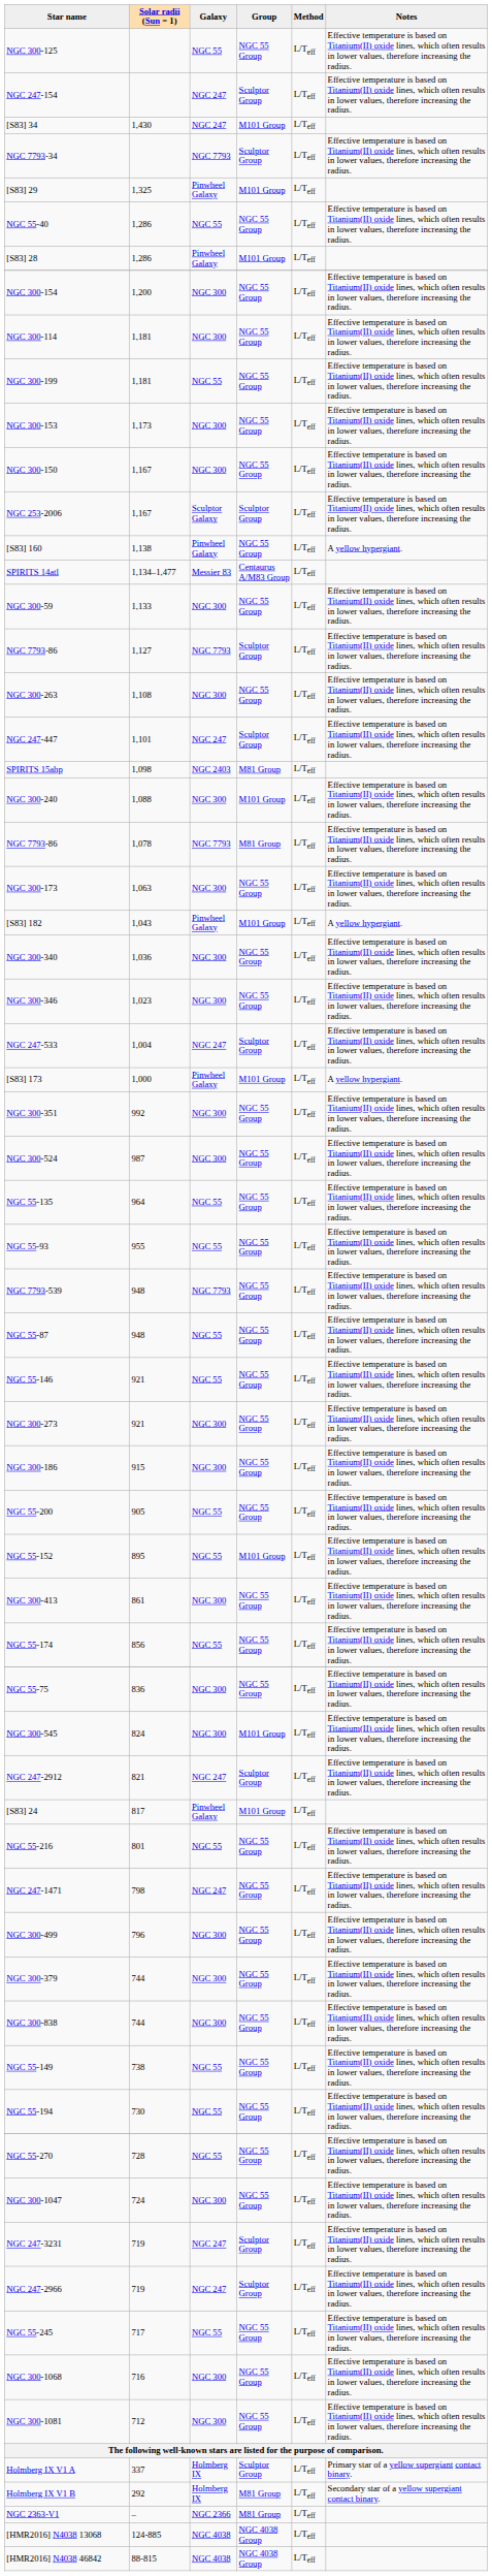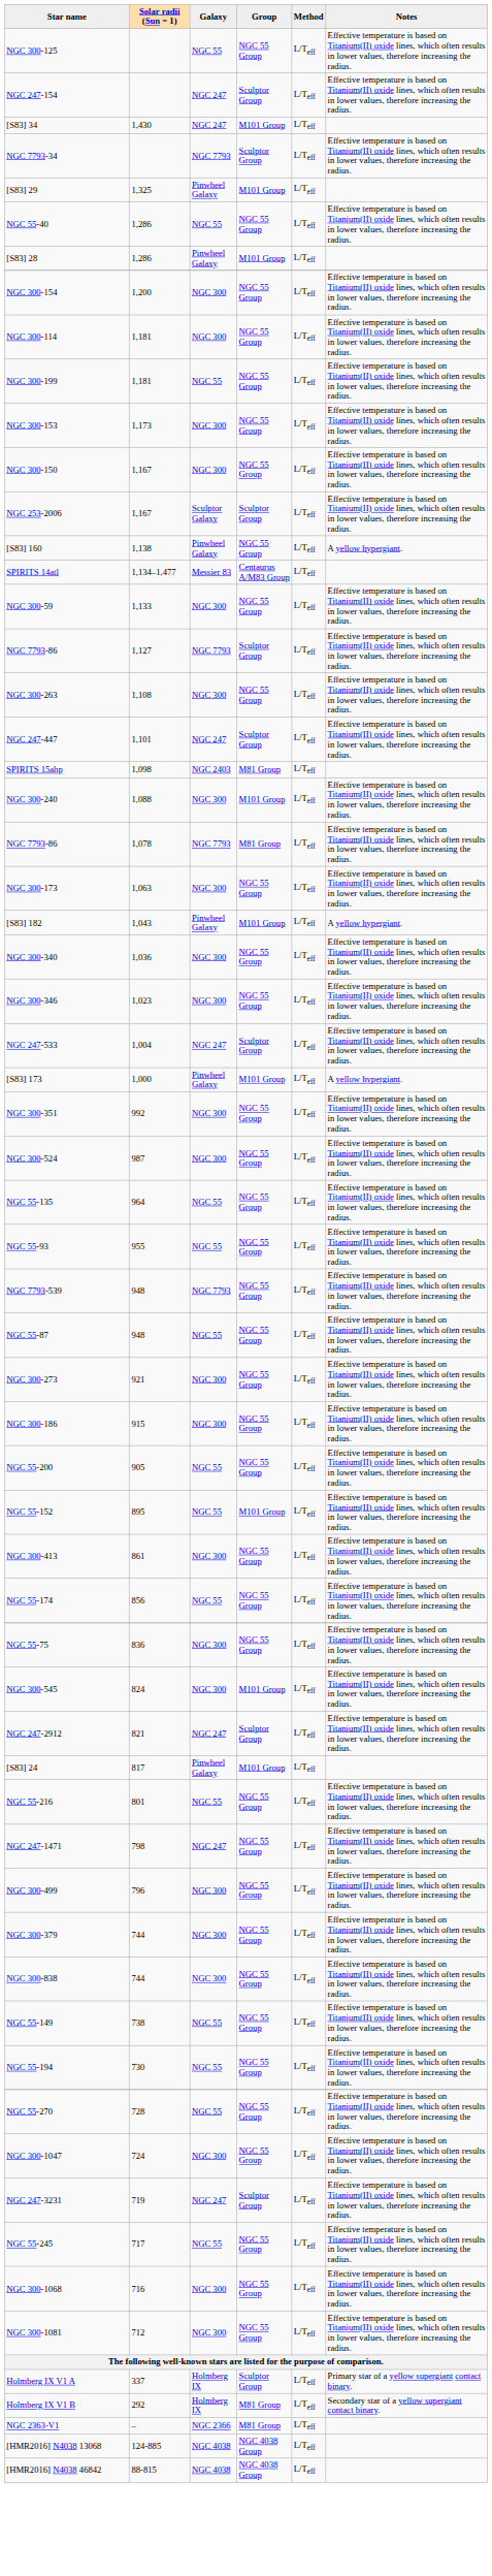 <table class="wikitable sortable">
 <tr>
 <th style="background:#efefef; white-space:nobr" width=217px>Star name</th>
 <th style="background:#ffdead;" width=101px><a href='#'>Solar radii</a><br>(<a href='#'>Sun</a> = 1)</th>
 <th style="background:#efefef">Galaxy</th>
 <th style="background:#efefef">Group</th>
 <th style="background:#efefef">Method</th>
 <th style="background:#efefef">Notes</th>
 </tr>
 <tr>
 <td><a href='#'>NGC 300</a>-125</td>
 <td></td>
 <td><a href='#'>NGC 55</a></td>
 <td><a href='#'>NGC 55 Group</a></td>
 <td>L/T<sub>eff</sub></td>
 <td>Effective temperature is based on <a href='#'>Titanium(II) oxide</a> lines, which often results in lower values, therefore increasing the radius.</td>
 </tr>
 <tr>
 <td><a href='#'>NGC 247</a>-154</td>
 <td></td>
 <td><a href='#'>NGC 247</a></td>
 <td><a href='#'>Sculptor Group</a></td>
 <td>L/T<sub>eff</sub></td>
 <td>Effective temperature is based on <a href='#'>Titanium(II) oxide</a> lines, which often results in lower values, therefore increasing the radius.</td>
 </tr>
 <tr>
 <td>[S83] 34</td>
 <td>1,430</td>
 <td><a href='#'>NGC 247</a></td>
 <td><a href='#'>M101 Group</a></td>
 <td>L/T<sub>eff</sub></td>
 <td></td>
 </tr>
 <tr>
 <td><a href='#'>NGC 7793</a>-34</td>
 <td></td>
 <td><a href='#'>NGC 7793</a></td>
 <td><a href='#'>Sculptor Group</a></td>
 <td>L/T<sub>eff</sub></td>
 <td>Effective temperature is based on <a href='#'>Titanium(II) oxide</a> lines, which often results in lower values, therefore increasing the radius.</td>
 </tr>
 <tr>
 <td>[S83] 29</td>
 <td>1,325</td>
 <td><a href='#'>Pinwheel Galaxy</a></td>
 <td><a href='#'>M101 Group</a></td>
 <td>L/T<sub>eff</sub></td>
 <td></td>
 </tr>
 <tr>
 <td><a href='#'>NGC 55</a>-40</td>
 <td>1,286 </td>
 <td><a href='#'>NGC 55</a></td>
 <td><a href='#'>NGC 55 Group</a></td>
 <td>L/T<sub>eff</sub></td>
 <td>Effective temperature is based on <a href='#'>Titanium(II) oxide</a> lines, which often results in lower values, therefore increasing the radius.</td>
 </tr>
 <tr>
 <td>[S83] 28</td>
 <td>1,286</td>
 <td><a href='#'>Pinwheel Galaxy</a></td>
 <td><a href='#'>M101 Group</a></td>
 <td>L/T<sub>eff</sub></td>
 <td></td>
 </tr>
 <tr>
 </tr>
 <tr>
 <td><a href='#'>NGC 300</a>-154</td>
 <td>1,200 </td>
 <td><a href='#'>NGC 300</a></td>
 <td><a href='#'>NGC 55 Group</a></td>
 <td>L/T<sub>eff</sub></td>
 <td>Effective temperature is based on <a href='#'>Titanium(II) oxide</a> lines, which often results in lower values, therefore increasing the radius.</td>
 </tr>
 <tr>
 <td><a href='#'>NGC 300</a>-114</td>
 <td>1,181 </td>
 <td><a href='#'>NGC 300</a></td>
 <td><a href='#'>NGC 55 Group</a></td>
 <td>L/T<sub>eff</sub></td>
 <td>Effective temperature is based on <a href='#'>Titanium(II) oxide</a> lines, which often results in lower values, therefore increasing the radius.</td>
 </tr>
 <tr>
 <td><a href='#'>NGC 300</a>-199</td>
 <td>1,181 </td>
 <td><a href='#'>NGC 55</a></td>
 <td><a href='#'>NGC 55 Group</a></td>
 <td>L/T<sub>eff</sub></td>
 <td>Effective temperature is based on <a href='#'>Titanium(II) oxide</a> lines, which often results in lower values, therefore increasing the radius.</td>
 </tr>
 <tr>
 <td><a href='#'>NGC 300</a>-153</td>
 <td>1,173 </td>
 <td><a href='#'>NGC 300</a></td>
 <td><a href='#'>NGC 55 Group</a></td>
 <td>L/T<sub>eff</sub></td>
 <td>Effective temperature is based on <a href='#'>Titanium(II) oxide</a> lines, which often results in lower values, therefore increasing the radius.</td>
 </tr>
 <tr>
 <td><a href='#'>NGC 300</a>-150</td>
 <td>1,167 </td>
 <td><a href='#'>NGC 300</a></td>
 <td><a href='#'>NGC 55 Group</a></td>
 <td>L/T<sub>eff</sub></td>
 <td>Effective temperature is based on <a href='#'>Titanium(II) oxide</a> lines, which often results in lower values, therefore increasing the radius.</td>
 </tr>
 <tr>
 <td><a href='#'>NGC 253</a>-2006</td>
 <td>1,167 </td>
 <td><a href='#'>Sculptor Galaxy</a></td>
 <td><a href='#'>Sculptor Group</a></td>
 <td>L/T<sub>eff</sub></td>
 <td>Effective temperature is based on <a href='#'>Titanium(II) oxide</a> lines, which often results in lower values, therefore increasing the radius.</td>
 </tr>
 <tr>
 <td>[S83] 160</td>
 <td>1,138</td>
 <td><a href='#'>Pinwheel Galaxy</a></td>
 <td><a href='#'>NGC 55 Group</a></td>
 <td>L/T<sub>eff</sub></td>
 <td>A <a href='#'>yellow hypergiant</a>.</td>
 </tr>
 <tr>
 <td><a href='#'>SPIRITS 14atl</a></td>
 <td>1,134–1,477</td>
 <td><a href='#'>Messier 83</a></td>
 <td><a href='#'>Centaurus A/M83 Group</a></td>
 <td>L/T<sub>eff</sub></td>
 <td></td>
 </tr>
 <tr>
 <td><a href='#'>NGC 300</a>-59</td>
 <td>1,133 </td>
 <td><a href='#'>NGC 300</a></td>
 <td><a href='#'>NGC 55 Group</a></td>
 <td>L/T<sub>eff</sub></td>
 <td>Effective temperature is based on <a href='#'>Titanium(II) oxide</a> lines, which often results in lower values, therefore increasing the radius.</td>
 </tr>
 <tr>
 <td><a href='#'>NGC 7793</a>-86</td>
 <td>1,127 </td>
 <td><a href='#'>NGC 7793</a></td>
 <td><a href='#'>Sculptor Group</a></td>
 <td>L/T<sub>eff</sub></td>
 <td>Effective temperature is based on <a href='#'>Titanium(II) oxide</a> lines, which often results in lower values, therefore increasing the radius.</td>
 </tr>
 <tr>
 <td><a href='#'>NGC 300</a>-263</td>
 <td>1,108 </td>
 <td><a href='#'>NGC 300</a></td>
 <td><a href='#'>NGC 55 Group</a></td>
 <td>L/T<sub>eff</sub></td>
 <td>Effective temperature is based on <a href='#'>Titanium(II) oxide</a> lines, which often results in lower values, therefore increasing the radius.</td>
 </tr>
 <tr>
 <td><a href='#'>NGC 247</a>-447</td>
 <td>1,101 </td>
 <td><a href='#'>NGC 247</a></td>
 <td><a href='#'>Sculptor Group</a></td>
 <td>L/T<sub>eff</sub></td>
 <td>Effective temperature is based on <a href='#'>Titanium(II) oxide</a> lines, which often results in lower values, therefore increasing the radius.</td>
 </tr>
 <tr>
 <td><a href='#'>SPIRITS 15ahp</a></td>
 <td>1,098</td>
 <td><a href='#'>NGC 2403</a></td>
 <td><a href='#'>M81 Group</a></td>
 <td>L/T<sub>eff</sub></td>
 <td></td>
 </tr>
 <tr>
 <td><a href='#'>NGC 300</a>-240</td>
 <td>1,088 </td>
 <td><a href='#'>NGC 300</a></td>
 <td><a href='#'>M101 Group</a></td>
 <td>L/T<sub>eff</sub></td>
 <td>Effective temperature is based on <a href='#'>Titanium(II) oxide</a> lines, which often results in lower values, therefore increasing the radius.</td>
 </tr>
 <tr>
 <td><a href='#'>NGC 7793</a>-86</td>
 <td>1,078 </td>
 <td><a href='#'>NGC 7793</a></td>
 <td><a href='#'>M81 Group</a></td>
 <td>L/T<sub>eff</sub></td>
 <td>Effective temperature is based on <a href='#'>Titanium(II) oxide</a> lines, which often results in lower values, therefore increasing the radius.</td>
 </tr>
 <tr>
 <td><a href='#'>NGC 300</a>-173</td>
 <td>1,063 </td>
 <td><a href='#'>NGC 300</a></td>
 <td><a href='#'>NGC 55 Group</a></td>
 <td>L/T<sub>eff</sub></td>
 <td>Effective temperature is based on <a href='#'>Titanium(II) oxide</a> lines, which often results in lower values, therefore increasing the radius.</td>
 </tr>
 <tr>
 <td>[S83] 182</td>
 <td>1,043</td>
 <td><a href='#'>Pinwheel Galaxy</a></td>
 <td><a href='#'>M101 Group</a></td>
 <td>L/T<sub>eff</sub></td>
 <td>A <a href='#'>yellow hypergiant</a>.</td>
 </tr>
 <tr>
 <td><a href='#'>NGC 300</a>-340</td>
 <td>1,036 </td>
 <td><a href='#'>NGC 300</a></td>
 <td><a href='#'>NGC 55 Group</a></td>
 <td>L/T<sub>eff</sub></td>
 <td>Effective temperature is based on <a href='#'>Titanium(II) oxide</a> lines, which often results in lower values, therefore increasing the radius.</td>
 </tr>
 <tr>
 <td><a href='#'>NGC 300</a>-346</td>
 <td>1,023 </td>
 <td><a href='#'>NGC 300</a></td>
 <td><a href='#'>NGC 55 Group</a></td>
 <td>L/T<sub>eff</sub></td>
 <td>Effective temperature is based on <a href='#'>Titanium(II) oxide</a> lines, which often results in lower values, therefore increasing the radius.</td>
 </tr>
 <tr>
 <td><a href='#'>NGC 247</a>-533</td>
 <td>1,004 </td>
 <td><a href='#'>NGC 247</a></td>
 <td><a href='#'>Sculptor Group</a></td>
 <td>L/T<sub>eff</sub></td>
 <td>Effective temperature is based on <a href='#'>Titanium(II) oxide</a> lines, which often results in lower values, therefore increasing the radius.</td>
 </tr>
 <tr>
 <td>[S83] 173</td>
 <td>1,000</td>
 <td><a href='#'>Pinwheel Galaxy</a></td>
 <td><a href='#'>M101 Group</a></td>
 <td>L/T<sub>eff</sub></td>
 <td>A <a href='#'>yellow hypergiant</a>.</td>
 </tr>
 <tr>
 <td><a href='#'>NGC 300</a>-351</td>
 <td>992 </td>
 <td><a href='#'>NGC 300</a></td>
 <td><a href='#'>NGC 55 Group</a></td>
 <td>L/T<sub>eff</sub></td>
 <td>Effective temperature is based on <a href='#'>Titanium(II) oxide</a> lines, which often results in lower values, therefore increasing the radius.</td>
 </tr>
 <tr>
 <td><a href='#'>NGC 300</a>-524</td>
 <td>987 </td>
 <td><a href='#'>NGC 300</a></td>
 <td><a href='#'>NGC 55 Group</a></td>
 <td>L/T<sub>eff</sub></td>
 <td>Effective temperature is based on <a href='#'>Titanium(II) oxide</a> lines, which often results in lower values, therefore increasing the radius.</td>
 </tr>
 <tr>
 <td><a href='#'>NGC 55</a>-135</td>
 <td>964 </td>
 <td><a href='#'>NGC 55</a></td>
 <td><a href='#'>NGC 55 Group</a></td>
 <td>L/T<sub>eff</sub></td>
 <td>Effective temperature is based on <a href='#'>Titanium(II) oxide</a> lines, which often results in lower values, therefore increasing the radius.</td>
 </tr>
 <tr>
 <td><a href='#'>NGC 55</a>-93</td>
 <td>955 </td>
 <td><a href='#'>NGC 55</a></td>
 <td><a href='#'>NGC 55 Group</a></td>
 <td>L/T<sub>eff</sub></td>
 <td>Effective temperature is based on <a href='#'>Titanium(II) oxide</a> lines, which often results in lower values, therefore increasing the radius.</td>
 </tr>
 <tr>
 <td><a href='#'>NGC 7793</a>-539</td>
 <td>948</td>
 <td><a href='#'>NGC 7793</a></td>
 <td><a href='#'>NGC 55 Group</a></td>
 <td>L/T<sub>eff</sub></td>
 <td>Effective temperature is based on <a href='#'>Titanium(II) oxide</a> lines, which often results in lower values, therefore increasing the radius.</td>
 </tr>
 <tr>
 <td><a href='#'>NGC 55</a>-87</td>
 <td>948 </td>
 <td><a href='#'>NGC 55</a></td>
 <td><a href='#'>NGC 55 Group</a></td>
 <td>L/T<sub>eff</sub></td>
 <td>Effective temperature is based on <a href='#'>Titanium(II) oxide</a> lines, which often results in lower values, therefore increasing the radius.</td>
 </tr>
 <tr>
-<td><a href='#'>NGC 55</a>-146</td>
-<td>921 </td>
-<td><a href='#'>NGC 55</a></td>
-<td><a href='#'>NGC 55 Group</a></td>
-<td>L/T<sub>eff</sub></td>
-<td>Effective temperature is based on <a href='#'>Titanium(II) oxide</a> lines, which often results in lower values, therefore increasing the radius.</td>
-</tr>
-<tr>
 <td><a href='#'>NGC 300</a>-273</td>
 <td>921 </td>
 <td><a href='#'>NGC 300</a></td>
 <td><a href='#'>NGC 55 Group</a></td>
 <td>L/T<sub>eff</sub></td>
 <td>Effective temperature is based on <a href='#'>Titanium(II) oxide</a> lines, which often results in lower values, therefore increasing the radius.</td>
 </tr>
 <tr>
 <td><a href='#'>NGC 300</a>-186</td>
 <td>915 </td>
 <td><a href='#'>NGC 300</a></td>
 <td><a href='#'>NGC 55 Group</a></td>
 <td>L/T<sub>eff</sub></td>
 <td>Effective temperature is based on <a href='#'>Titanium(II) oxide</a> lines, which often results in lower values, therefore increasing the radius.</td>
 </tr>
 <tr>
 <td><a href='#'>NGC 55</a>-200</td>
 <td>905 </td>
 <td><a href='#'>NGC 55</a></td>
 <td><a href='#'>NGC 55 Group</a></td>
 <td>L/T<sub>eff</sub></td>
 <td>Effective temperature is based on <a href='#'>Titanium(II) oxide</a> lines, which often results in lower values, therefore increasing the radius.</td>
 </tr>
 <tr>
 <td><a href='#'>NGC 55</a>-152</td>
 <td>895 </td>
 <td><a href='#'>NGC 55</a></td>
 <td><a href='#'>M101 Group</a></td>
 <td>L/T<sub>eff</sub></td>
 <td>Effective temperature is based on <a href='#'>Titanium(II) oxide</a> lines, which often results in lower values, therefore increasing the radius.</td>
 </tr>
 <tr>
 <td><a href='#'>NGC 300</a>-413</td>
 <td>861 </td>
 <td><a href='#'>NGC 300</a></td>
 <td><a href='#'>NGC 55 Group</a></td>
 <td>L/T<sub>eff</sub></td>
 <td>Effective temperature is based on <a href='#'>Titanium(II) oxide</a> lines, which often results in lower values, therefore increasing the radius.</td>
 </tr>
 <tr>
 <td><a href='#'>NGC 55</a>-174</td>
 <td>856 </td>
 <td><a href='#'>NGC 55</a></td>
 <td><a href='#'>NGC 55 Group</a></td>
 <td>L/T<sub>eff</sub></td>
 <td>Effective temperature is based on <a href='#'>Titanium(II) oxide</a> lines, which often results in lower values, therefore increasing the radius.</td>
 </tr>
 <tr>
 </tr>
 <tr>
 </tr>
 <tr>
 <td><a href='#'>NGC 55</a>-75</td>
 <td>836 </td>
 <td><a href='#'>NGC 300</a></td>
 <td><a href='#'>NGC 55 Group</a></td>
 <td>L/T<sub>eff</sub></td>
 <td>Effective temperature is based on <a href='#'>Titanium(II) oxide</a> lines, which often results in lower values, therefore increasing the radius.</td>
 </tr>
 <tr>
 <td><a href='#'>NGC 300</a>-545</td>
 <td>824 </td>
 <td><a href='#'>NGC 300</a></td>
 <td><a href='#'>M101 Group</a></td>
 <td>L/T<sub>eff</sub></td>
 <td>Effective temperature is based on <a href='#'>Titanium(II) oxide</a> lines, which often results in lower values, therefore increasing the radius.</td>
 </tr>
 <tr>
 <td><a href='#'>NGC 247</a>-2912</td>
 <td>821 </td>
 <td><a href='#'>NGC 247</a></td>
 <td><a href='#'>Sculptor Group</a></td>
 <td>L/T<sub>eff</sub></td>
 <td>Effective temperature is based on <a href='#'>Titanium(II) oxide</a> lines, which often results in lower values, therefore increasing the radius.</td>
 </tr>
 <tr>
 <td>[S83] 24</td>
 <td>817</td>
 <td><a href='#'>Pinwheel Galaxy</a></td>
 <td><a href='#'>M101 Group</a></td>
 <td>L/T<sub>eff</sub></td>
 <td></td>
 </tr>
 <tr>
 <td><a href='#'>NGC 55</a>-216</td>
 <td>801 </td>
 <td><a href='#'>NGC 55</a></td>
 <td><a href='#'>NGC 55 Group</a></td>
 <td>L/T<sub>eff</sub></td>
 <td>Effective temperature is based on <a href='#'>Titanium(II) oxide</a> lines, which often results in lower values, therefore increasing the radius.</td>
 </tr>
 <tr>
 <td><a href='#'>NGC 247</a>-1471</td>
 <td>798 </td>
 <td><a href='#'>NGC 247</a></td>
 <td><a href='#'>NGC 55 Group</a></td>
 <td>L/T<sub>eff</sub></td>
 <td>Effective temperature is based on <a href='#'>Titanium(II) oxide</a> lines, which often results in lower values, therefore increasing the radius.</td>
 </tr>
 <tr>
 <td><a href='#'>NGC 300</a>-499</td>
 <td>796 </td>
 <td><a href='#'>NGC 300</a></td>
 <td><a href='#'>NGC 55 Group</a></td>
 <td>L/T<sub>eff</sub></td>
 <td>Effective temperature is based on <a href='#'>Titanium(II) oxide</a> lines, which often results in lower values, therefore increasing the radius.</td>
 </tr>
 <tr>
 <td><a href='#'>NGC 300</a>-379</td>
 <td>744 </td>
 <td><a href='#'>NGC 300</a></td>
 <td><a href='#'>NGC 55 Group</a></td>
 <td>L/T<sub>eff</sub></td>
 <td>Effective temperature is based on <a href='#'>Titanium(II) oxide</a> lines, which often results in lower values, therefore increasing the radius.</td>
 </tr>
 <tr>
 <td><a href='#'>NGC 300</a>-838</td>
 <td>744 </td>
 <td><a href='#'>NGC 300</a></td>
 <td><a href='#'>NGC 55 Group</a></td>
 <td>L/T<sub>eff</sub></td>
 <td>Effective temperature is based on <a href='#'>Titanium(II) oxide</a> lines, which often results in lower values, therefore increasing the radius.</td>
 </tr>
 <tr>
 <td><a href='#'>NGC 55</a>-149</td>
 <td>738 </td>
 <td><a href='#'>NGC 55</a></td>
 <td><a href='#'>NGC 55 Group</a></td>
 <td>L/T<sub>eff</sub></td>
 <td>Effective temperature is based on <a href='#'>Titanium(II) oxide</a> lines, which often results in lower values, therefore increasing the radius.</td>
 </tr>
 <tr>
 <td><a href='#'>NGC 55</a>-194</td>
 <td>730 </td>
 <td><a href='#'>NGC 55</a></td>
 <td><a href='#'>NGC 55 Group</a></td>
 <td>L/T<sub>eff</sub></td>
 <td>Effective temperature is based on <a href='#'>Titanium(II) oxide</a> lines, which often results in lower values, therefore increasing the radius.</td>
 </tr>
 <tr>
 </tr>
 <tr>
 <td><a href='#'>NGC 55</a>-270</td>
 <td>728 </td>
 <td><a href='#'>NGC 55</a></td>
 <td><a href='#'>NGC 55 Group</a></td>
 <td>L/T<sub>eff</sub></td>
 <td>Effective temperature is based on <a href='#'>Titanium(II) oxide</a> lines, which often results in lower values, therefore increasing the radius.</td>
 </tr>
 <tr>
 <td><a href='#'>NGC 300</a>-1047</td>
 <td>724 </td>
 <td><a href='#'>NGC 300</a></td>
 <td><a href='#'>NGC 55 Group</a></td>
 <td>L/T<sub>eff</sub></td>
 <td>Effective temperature is based on <a href='#'>Titanium(II) oxide</a> lines, which often results in lower values, therefore increasing the radius.</td>
 </tr>
 <tr>
 <td><a href='#'>NGC 247</a>-3231</td>
 <td>719 </td>
 <td><a href='#'>NGC 247</a></td>
 <td><a href='#'>Sculptor Group</a></td>
 <td>L/T<sub>eff</sub></td>
 <td>Effective temperature is based on <a href='#'>Titanium(II) oxide</a> lines, which often results in lower values, therefore increasing the radius.</td>
 </tr>
 <tr>
-<td><a href='#'>NGC 247</a>-2966</td>
-<td>719 </td>
-<td><a href='#'>NGC 247</a></td>
-<td><a href='#'>Sculptor Group</a></td>
-<td>L/T<sub>eff</sub></td>
-<td>Effective temperature is based on <a href='#'>Titanium(II) oxide</a> lines, which often results in lower values, therefore increasing the radius.</td>
-</tr>
-<tr>
 <td><a href='#'>NGC 55</a>-245</td>
 <td>717 </td>
 <td><a href='#'>NGC 55</a></td>
 <td><a href='#'>NGC 55 Group</a></td>
 <td>L/T<sub>eff</sub></td>
 <td>Effective temperature is based on <a href='#'>Titanium(II) oxide</a> lines, which often results in lower values, therefore increasing the radius.</td>
 </tr>
 <tr>
 <td><a href='#'>NGC 300</a>-1068</td>
 <td>716 </td>
 <td><a href='#'>NGC 300</a></td>
 <td><a href='#'>NGC 55 Group</a></td>
 <td>L/T<sub>eff</sub></td>
 <td>Effective temperature is based on <a href='#'>Titanium(II) oxide</a> lines, which often results in lower values, therefore increasing the radius.</td>
 </tr>
 <tr>
 <td><a href='#'>NGC 300</a>-1081</td>
 <td>712 </td>
 <td><a href='#'>NGC 300</a></td>
 <td><a href='#'>NGC 55 Group</a></td>
 <td>L/T<sub>eff</sub></td>
 <td>Effective temperature is based on <a href='#'>Titanium(II) oxide</a> lines, which often results in lower values, therefore increasing the radius.</td>
 </tr>
 <tr>
 <th colspan="6">The following well-known stars are listed for the purpose of comparison.</th>
 </tr>
 <tr>
 <td><a href='#'>Holmberg IX V1 A</a></td>
 <td>337</td>
 <td><a href='#'>Holmberg IX</a></td>
 <td><a href='#'>Sculptor Group</a></td>
 <td>L/T<sub>eff</sub></td>
 <td>Primary star of a <a href='#'>yellow supergiant</a> <a href='#'>contact binary</a>.</td>
 </tr>
 <tr>
 <td><a href='#'>Holmberg IX V1 B</a></td>
 <td>292</td>
 <td><a href='#'>Holmberg IX</a></td>
 <td><a href='#'>M81 Group</a></td>
 <td>L/T<sub>eff</sub></td>
 <td>Secondary star of a <a href='#'>yellow supergiant</a> <a href='#'>contact binary</a>.</td>
 </tr>
 <tr>
 <td><a href='#'>NGC 2363-V1</a></td>
 <td>–</td>
 <td><a href='#'>NGC 2366</a></td>
 <td><a href='#'>M81 Group</a></td>
 <td>L/T<sub>eff</sub></td>
 <td></td>
 </tr>
 <tr>
 <td>[HMR2016] <a href='#'>N4038</a> 13068</td>
 <td>124-885</td>
 <td><a href='#'>NGC 4038</a></td>
 <td><a href='#'>NGC 4038 Group</a></td>
 <td>L/T<sub>eff</sub></td>
 <td></td>
 </tr>
 <tr>
 <td>[HMR2016] <a href='#'>N4038</a> 46842</td>
 <td>88-815</td>
 <td><a href='#'>NGC 4038</a></td>
 <td><a href='#'>NGC 4038 Group</a></td>
 <td>L/T<sub>eff</sub></td>
 <td></td>
 </tr>
 </table>
